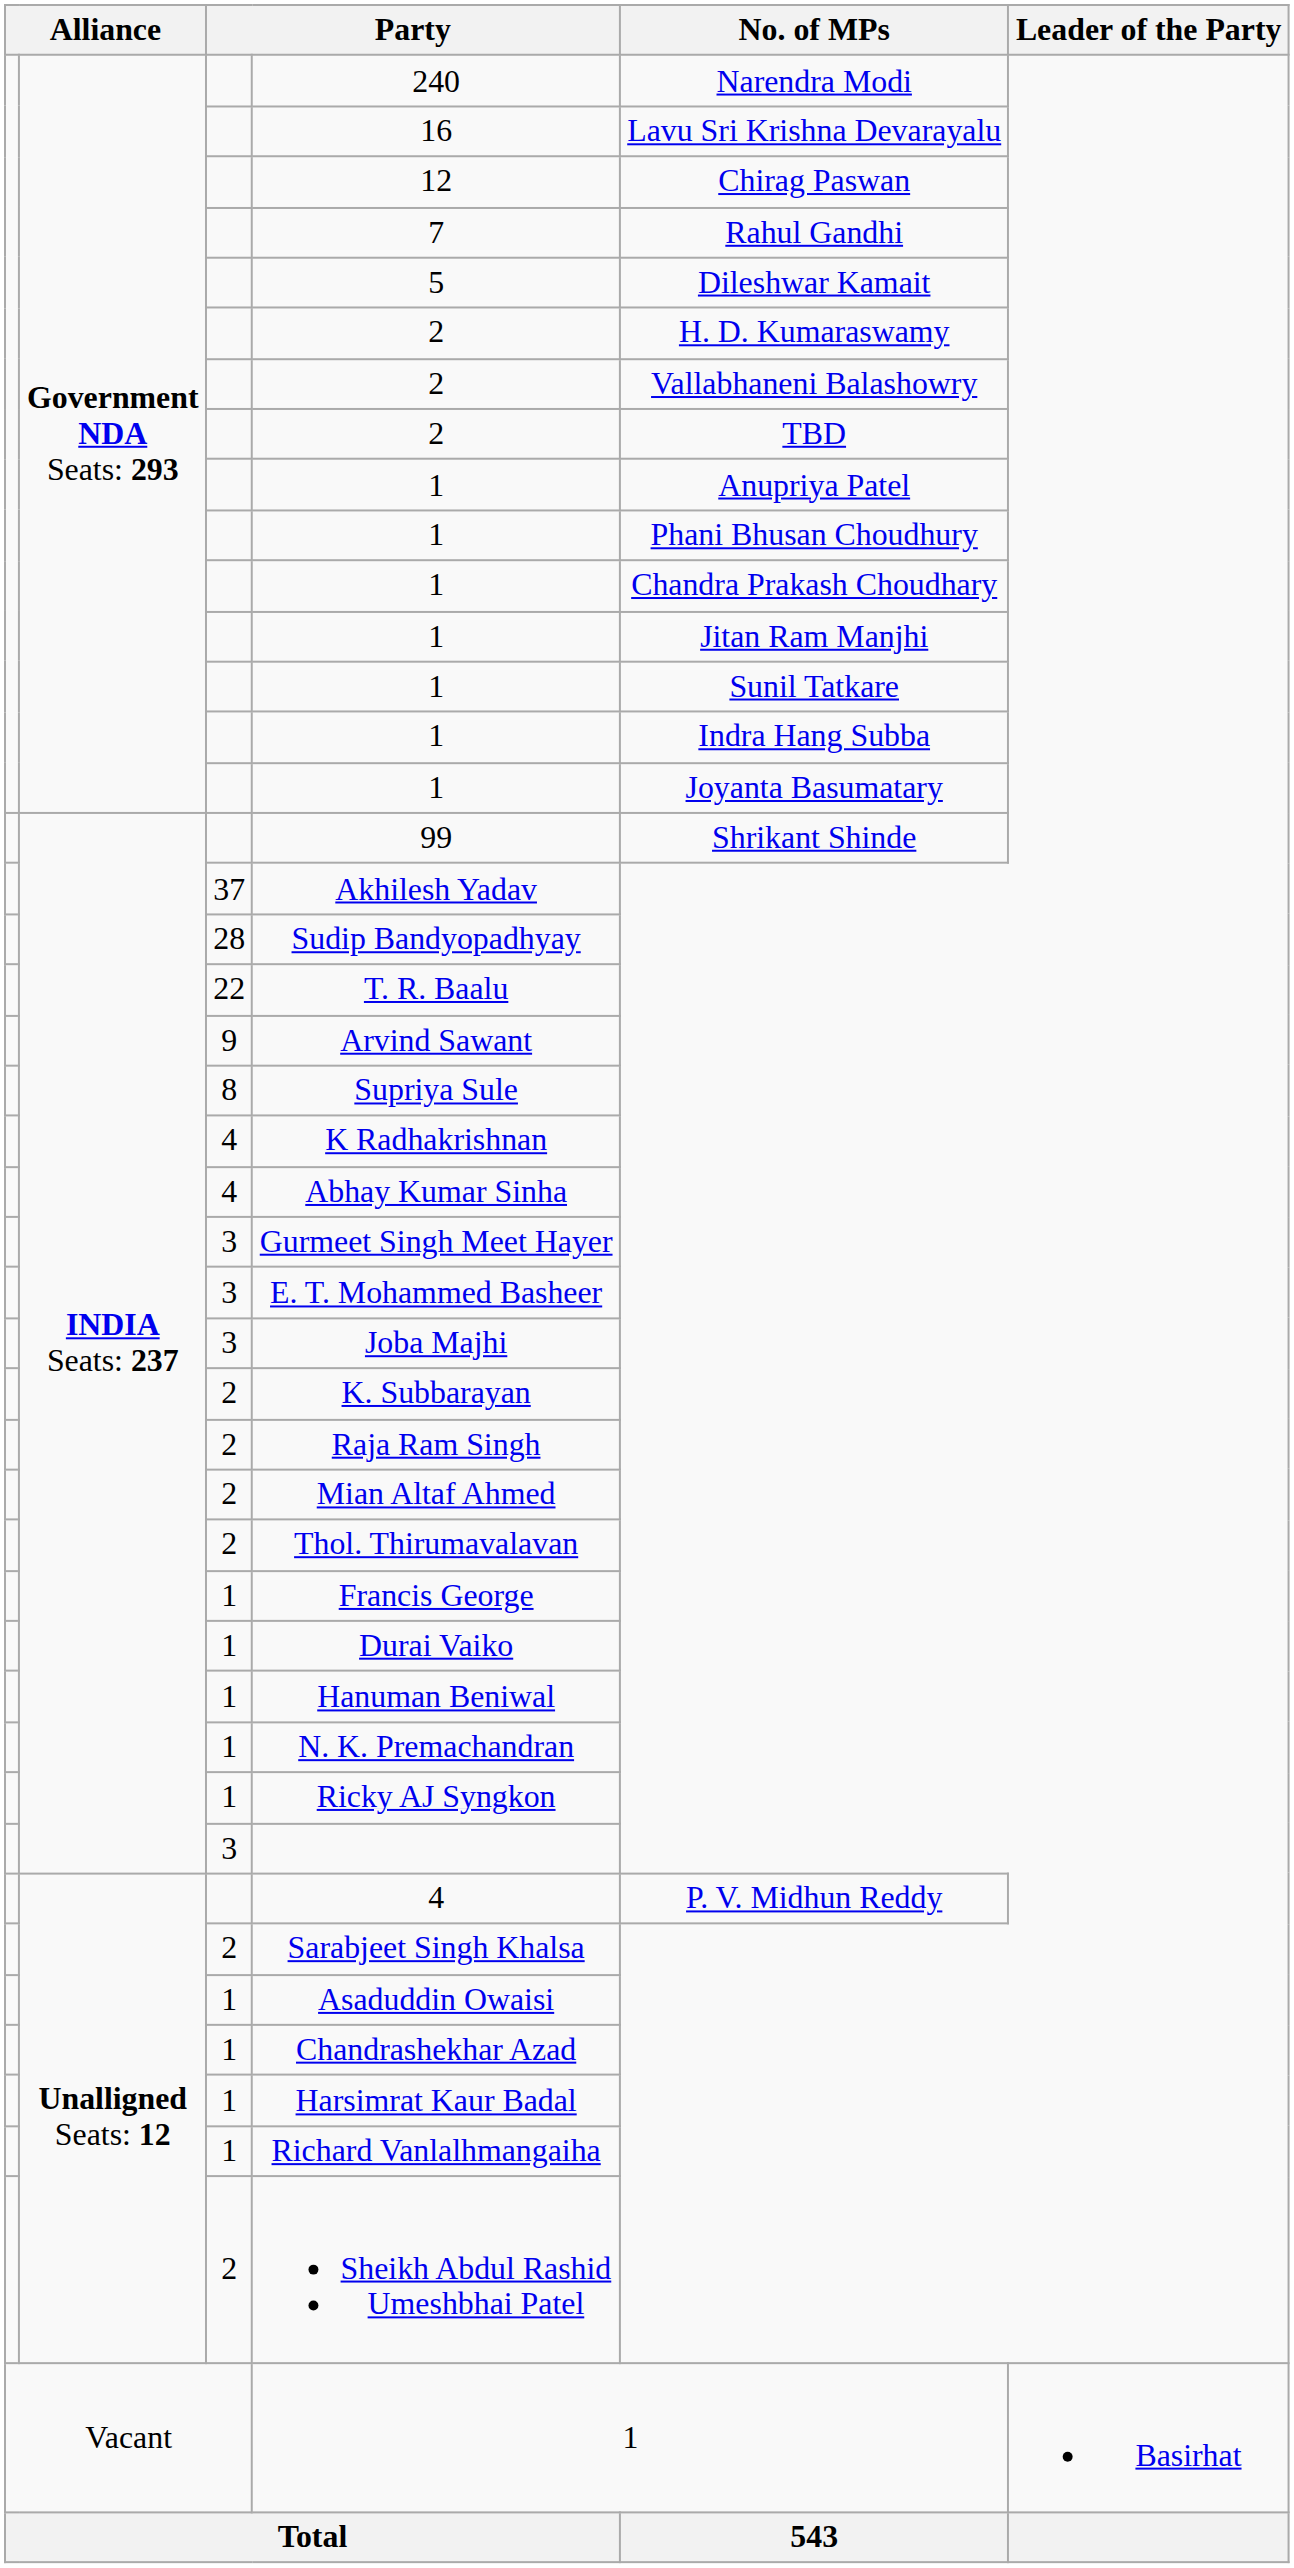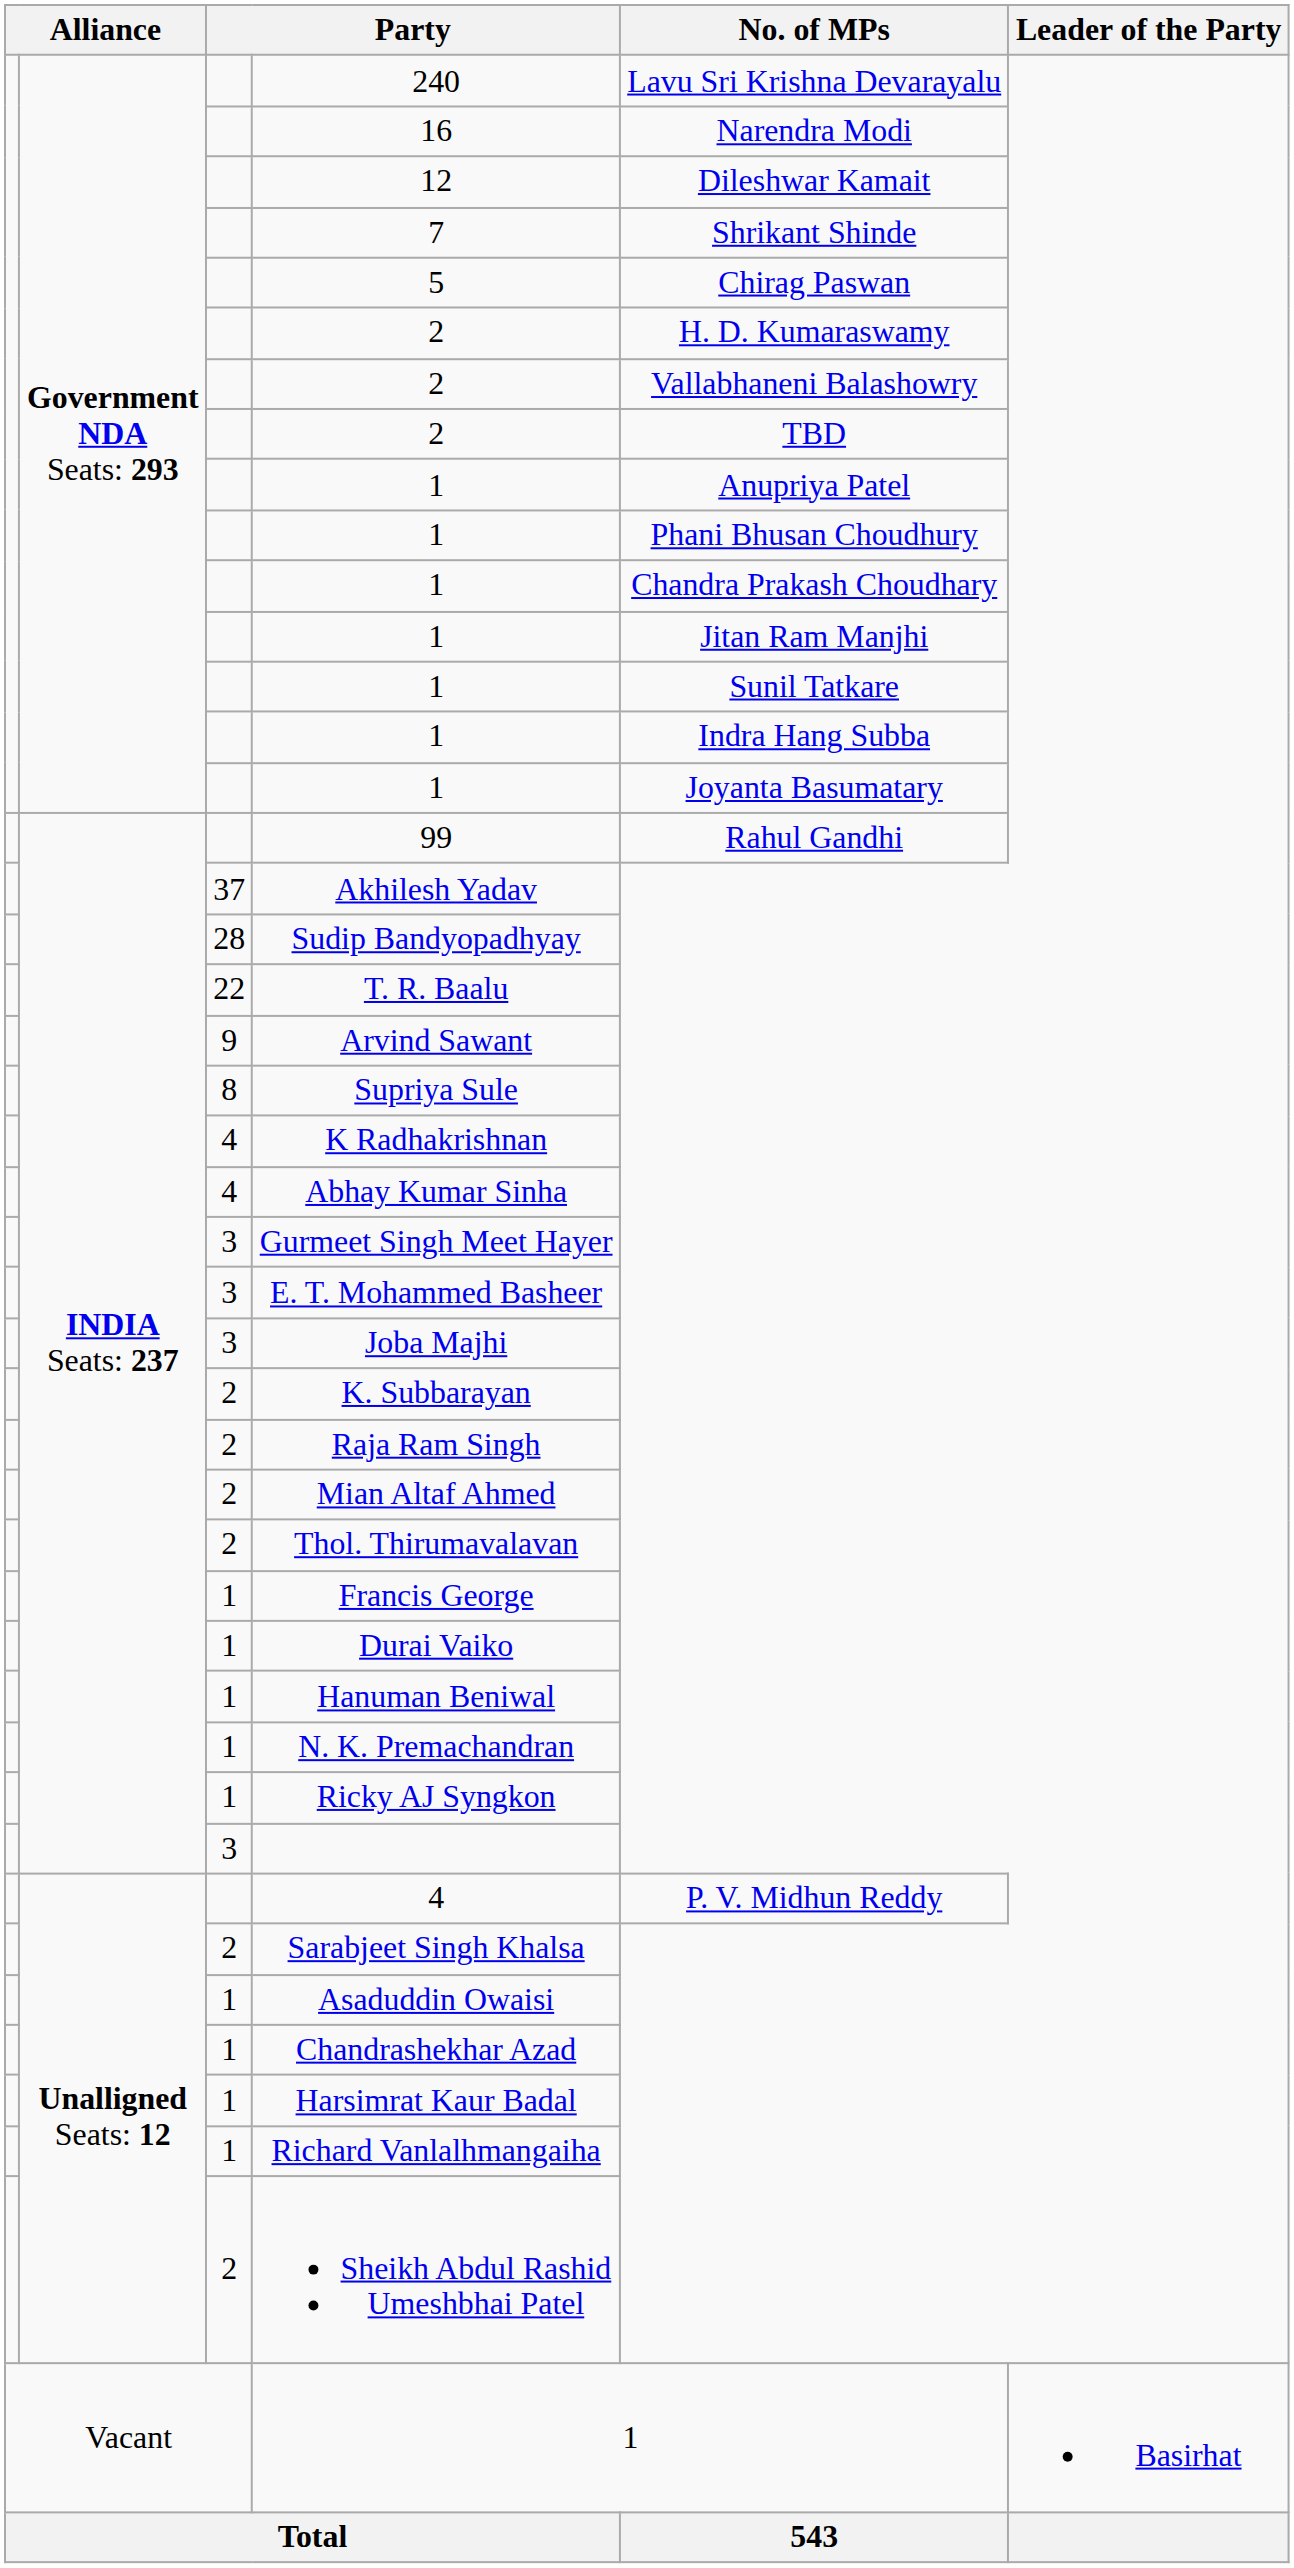 <table class="wikitable sortable mw-collapsible" style="text-align:center;">
 <tr>
 <th colspan="2">Alliance</th>
 <th colspan="2">Party</th>
 <th>No. of MPs</th>
 <th>Leader of the Party</th>
 </tr>
 <tr>
 <td rowspan="15"></td>
 <td rowspan="15"><strong>Government</strong><br><strong><a href='#'>NDA</a></strong><br>Seats: <strong>293</strong></td>
 <td></td>
 <td>240</td>
+<td><a href='#'>Lavu Sri Krishna Devarayalu</a></td>
+</tr>
+<tr>
+<td></td>
+<td>16</td>
 <td><a href='#'>Narendra Modi</a></td>
 </tr>
 <tr>
 <td></td>
-<td>16</td>
-<td><a href='#'>Lavu Sri Krishna Devarayalu</a></td>
-</tr>
-<tr>
-<td></td>
 <td>12</td>
-<td><a href='#'>Chirag Paswan</a></td>
+<td><a href='#'>Dileshwar Kamait</a></td>
 </tr>
 <tr>
 <td></td>
 <td>7</td>
-<td><a href='#'>Rahul Gandhi</a></td>
+<td><a href='#'>Shrikant Shinde</a></td>
 </tr>
 <tr>
 <td></td>
 <td>5</td>
-<td><a href='#'>Dileshwar Kamait</a></td>
+<td><a href='#'>Chirag Paswan</a></td>
 </tr>
 <tr>
 <td></td>
 <td>2</td>
 <td><a href='#'>H. D. Kumaraswamy</a></td>
 </tr>
 <tr>
 <td></td>
 <td>2</td>
 <td><a href='#'>Vallabhaneni Balashowry</a></td>
 </tr>
 <tr>
 <td></td>
 <td>2</td>
 <td><a href='#'>TBD</a></td>
 </tr>
 <tr>
 <td></td>
 <td>1</td>
 <td><a href='#'>Anupriya Patel</a></td>
 </tr>
 <tr>
 <td></td>
 <td>1</td>
 <td><a href='#'>Phani Bhusan Choudhury</a></td>
 </tr>
 <tr>
 <td></td>
 <td>1</td>
 <td><a href='#'>Chandra Prakash Choudhary</a></td>
 </tr>
 <tr>
 <td></td>
 <td>1</td>
 <td><a href='#'>Jitan Ram Manjhi</a></td>
 </tr>
 <tr>
 <td></td>
 <td>1</td>
 <td><a href='#'>Sunil Tatkare</a></td>
 </tr>
 <tr>
 <td></td>
 <td>1</td>
 <td><a href='#'>Indra Hang Subba</a></td>
 </tr>
 <tr>
 <td></td>
 <td>1</td>
 <td><a href='#'>Joyanta Basumatary</a></td>
 </tr>
 <tr>
 <td></td>
 <td rowspan="21"><strong><a href='#'>INDIA</a></strong><br>Seats: <strong>237</strong></td>
 <td></td>
 <td>99</td>
-<td><a href='#'>Shrikant Shinde</a></td>
+<td><a href='#'>Rahul Gandhi</a></td>
 </tr>
 <tr>
 <td></td>
 <td>37</td>
 <td><a href='#'>Akhilesh Yadav</a></td>
 </tr>
 <tr>
 <td></td>
 <td>28</td>
 <td><a href='#'>Sudip Bandyopadhyay</a></td>
 </tr>
 <tr>
 <td></td>
 <td>22</td>
 <td><a href='#'>T. R. Baalu</a></td>
 </tr>
 <tr>
 <td></td>
 <td>9</td>
 <td><a href='#'>Arvind Sawant</a></td>
 </tr>
 <tr>
 <td></td>
 <td>8</td>
 <td><a href='#'>Supriya Sule</a></td>
 </tr>
 <tr>
 <td></td>
 <td>4</td>
 <td><a href='#'>K Radhakrishnan</a></td>
 </tr>
 <tr>
 <td></td>
 <td>4</td>
 <td><a href='#'>Abhay Kumar Sinha</a></td>
 </tr>
 <tr>
 <td></td>
 <td>3</td>
 <td><a href='#'>Gurmeet Singh Meet Hayer</a></td>
 </tr>
 <tr>
 <td></td>
 <td>3</td>
 <td><a href='#'>E. T. Mohammed Basheer</a></td>
 </tr>
 <tr>
 <td></td>
 <td>3</td>
 <td><a href='#'>Joba Majhi</a></td>
 </tr>
 <tr>
 <td></td>
 <td>2</td>
 <td><a href='#'>K. Subbarayan</a></td>
 </tr>
 <tr>
 <td></td>
 <td>2</td>
 <td><a href='#'>Raja Ram Singh</a></td>
 </tr>
 <tr>
 <td></td>
 <td>2</td>
 <td><a href='#'>Mian Altaf Ahmed</a></td>
 </tr>
 <tr>
 <td></td>
 <td>2</td>
 <td><a href='#'>Thol. Thirumavalavan</a></td>
 </tr>
 <tr>
 <td></td>
 <td>1</td>
 <td><a href='#'>Francis George</a></td>
 </tr>
 <tr>
 <td></td>
 <td>1</td>
 <td><a href='#'>Durai Vaiko</a></td>
 </tr>
 <tr>
 <td></td>
 <td>1</td>
 <td><a href='#'>Hanuman Beniwal</a></td>
 </tr>
 <tr>
 <td></td>
 <td>1</td>
 <td><a href='#'>N. K. Premachandran</a></td>
 </tr>
 <tr>
 <td></td>
 <td>1</td>
 <td><a href='#'>Ricky AJ Syngkon</a></td>
 </tr>
 <tr>
 <td></td>
 <td>3</td>
 <td></td>
 </tr>
 <tr>
 <td></td>
 <td rowspan="7"><strong>Unalligned</strong><br>Seats: <strong>12</strong></td>
 <td></td>
 <td>4</td>
 <td><a href='#'>P. V. Midhun Reddy</a></td>
 </tr>
 <tr>
 <td></td>
 <td>2</td>
 <td><a href='#'>Sarabjeet Singh Khalsa</a></td>
 </tr>
 <tr>
 <td></td>
 <td>1</td>
 <td><a href='#'>Asaduddin Owaisi</a></td>
 </tr>
 <tr>
 <td></td>
 <td>1</td>
 <td><a href='#'>Chandrashekhar Azad</a></td>
 </tr>
 <tr>
 <td></td>
 <td>1</td>
 <td><a href='#'>Harsimrat Kaur Badal</a></td>
 </tr>
 <tr>
 <td></td>
 <td>1</td>
 <td><a href='#'>Richard Vanlalhmangaiha</a></td>
 </tr>
 <tr>
 <td></td>
 <td>2</td>
 <td><br><ul><li><a href='#'>Sheikh Abdul Rashid</a></li><li><a href='#'>Umeshbhai Patel</a></li></ul></td>
 </tr>
 <tr>
 <td colspan="3">Vacant</td>
 <td colspan="2">1</td>
 <td><br><ul><li><a href='#'>Basirhat</a></li></ul></td>
 </tr>
 <tr>
 <th colspan="4">Total</th>
 <th>543</th>
 <th></th>
 </tr>
 </table>
